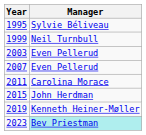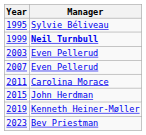 <table class="wikitable">
 <tr>
 <th>Year</th>
 <th>Manager</th>
 </tr>
 <tr>
 <td align=center><a href='#'>1995</a></td>
 <td> <a href='#'>Sylvie Béliveau</a></td>
 </tr>
 <tr>
 <td align=center><a href='#'>1999</a></td>
-<td> <a href='#'>Neil Turnbull</a></td>
+<td><strong> <a href='#'>Neil Turnbull</a></strong></td>
 </tr>
 <tr>
 <td align=center><a href='#'>2003</a></td>
 <td> <a href='#'>Even Pellerud</a></td>
 </tr>
 <tr>
 <td align=center><a href='#'>2007</a></td>
 <td> <a href='#'>Even Pellerud</a></td>
 </tr>
 <tr>
 <td align=center><a href='#'>2011</a></td>
 <td> <a href='#'>Carolina Morace</a></td>
 </tr>
 <tr>
 <td align=center><a href='#'>2015</a></td>
 <td> <a href='#'>John Herdman</a></td>
 </tr>
 <tr>
 <td align=center><a href='#'>2019</a></td>
 <td> <a href='#'>Kenneth Heiner-Møller</a></td>
 </tr>
 <tr>
 <td align=center><a href='#'>2023</a></td>
-<td style="background: paleturquoise;"> <a href='#'>Bev Priestman</a></td>
+<td> <a href='#'>Bev Priestman</a></td>
 </tr>
 </table>
